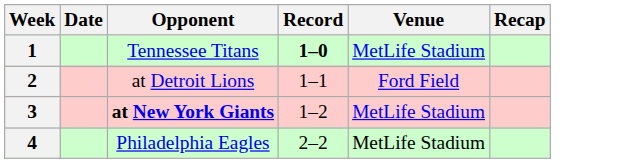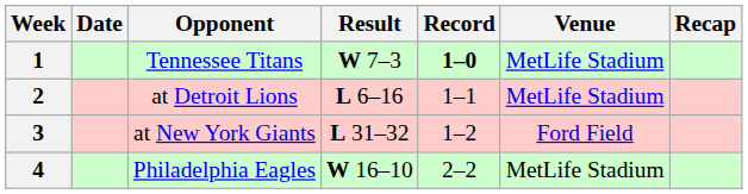 <table class="wikitable" style="text-align:center">
 <tr>
 <th>Week</th>
 <th>Date</th>
 <th>Opponent</th>
+<th>Result</th>
 <th>Record</th>
 <th>Venue</th>
 <th>Recap</th>
 </tr>
 <tr style="background:#cfc">
 <th>1</th>
 <td></td>
 <td><a href='#'>Tennessee Titans</a></td>
+<td><strong>W</strong> 7–3</td>
 <td><strong>1–0</strong></td>
 <td><a href='#'>MetLife Stadium</a></td>
 <td></td>
 </tr>
 <tr style="background:#fcc">
 <th>2</th>
 <td></td>
 <td>at <a href='#'>Detroit Lions</a></td>
+<td><strong>L</strong> 6–16</td>
 <td>1–1</td>
-<td><a href='#'>Ford Field</a></td>
+<td><a href='#'>MetLife Stadium</a></td>
 <td></td>
 </tr>
 <tr style="background:#fcc">
 <th>3</th>
 <td></td>
-<td><strong>at <a href='#'>New York Giants</a></strong></td>
+<td>at <a href='#'>New York Giants</a></td>
+<td><strong>L</strong> 31–32</td>
 <td>1–2</td>
-<td><a href='#'>MetLife Stadium</a></td>
+<td><a href='#'>Ford Field</a></td>
 <td></td>
 </tr>
 <tr style="background:#cfc">
 <th>4</th>
 <td></td>
 <td><a href='#'>Philadelphia Eagles</a></td>
+<td><strong>W</strong> 16–10</td>
 <td>2–2</td>
 <td>MetLife Stadium</td>
 <td></td>
 </tr>
 </table>
